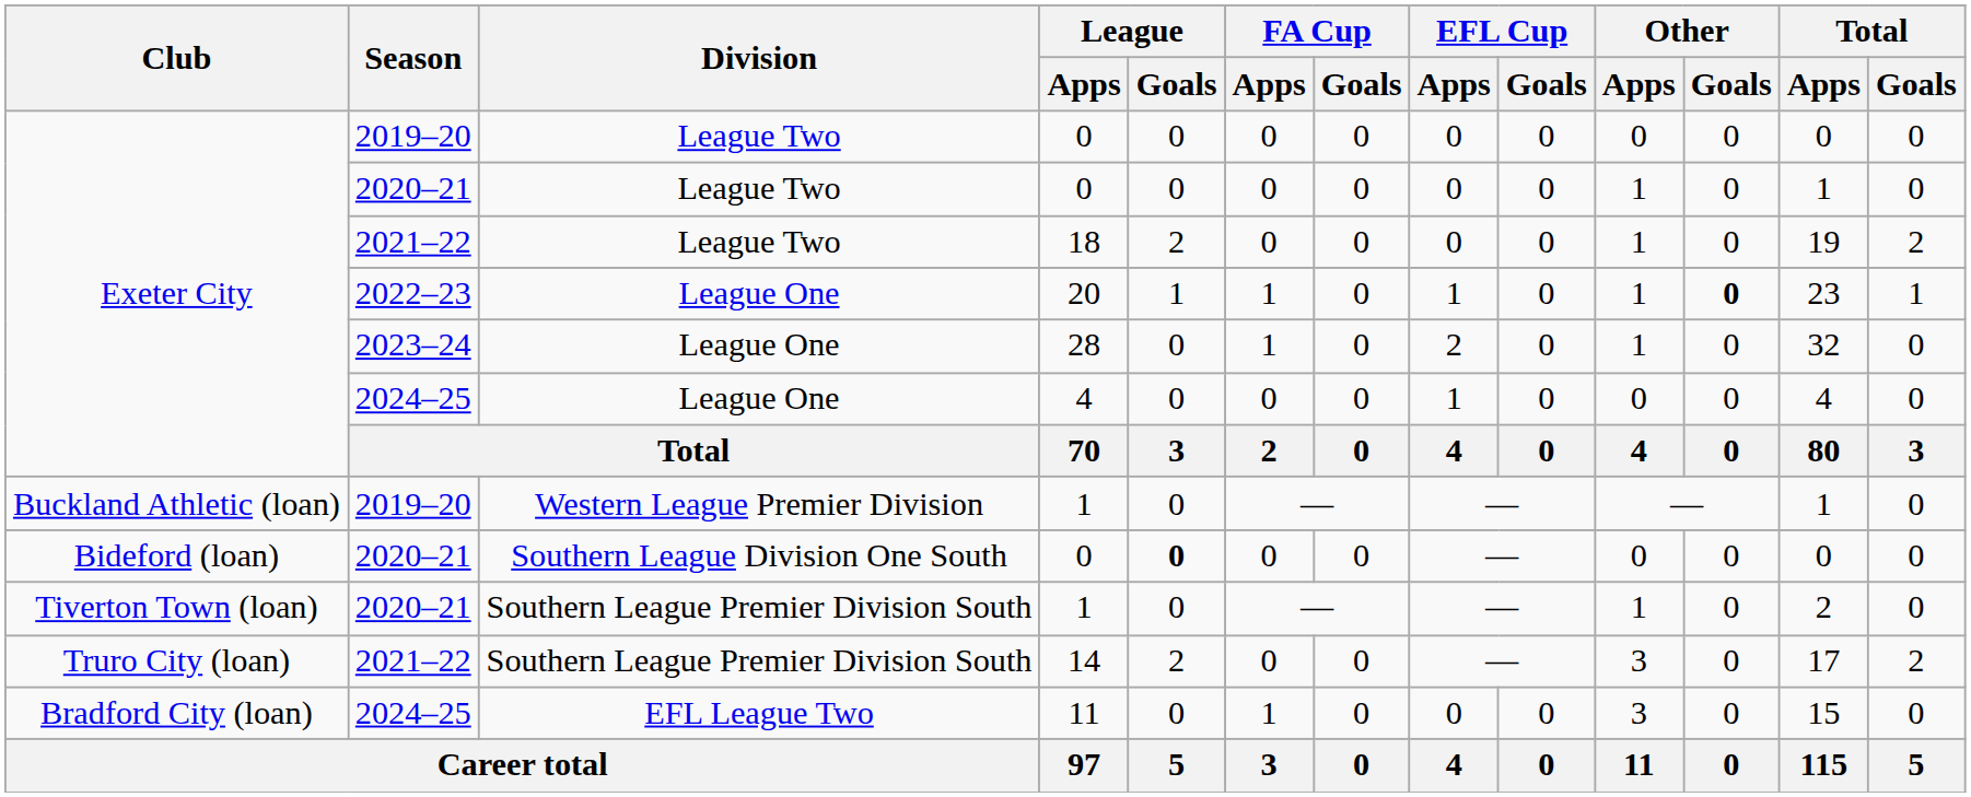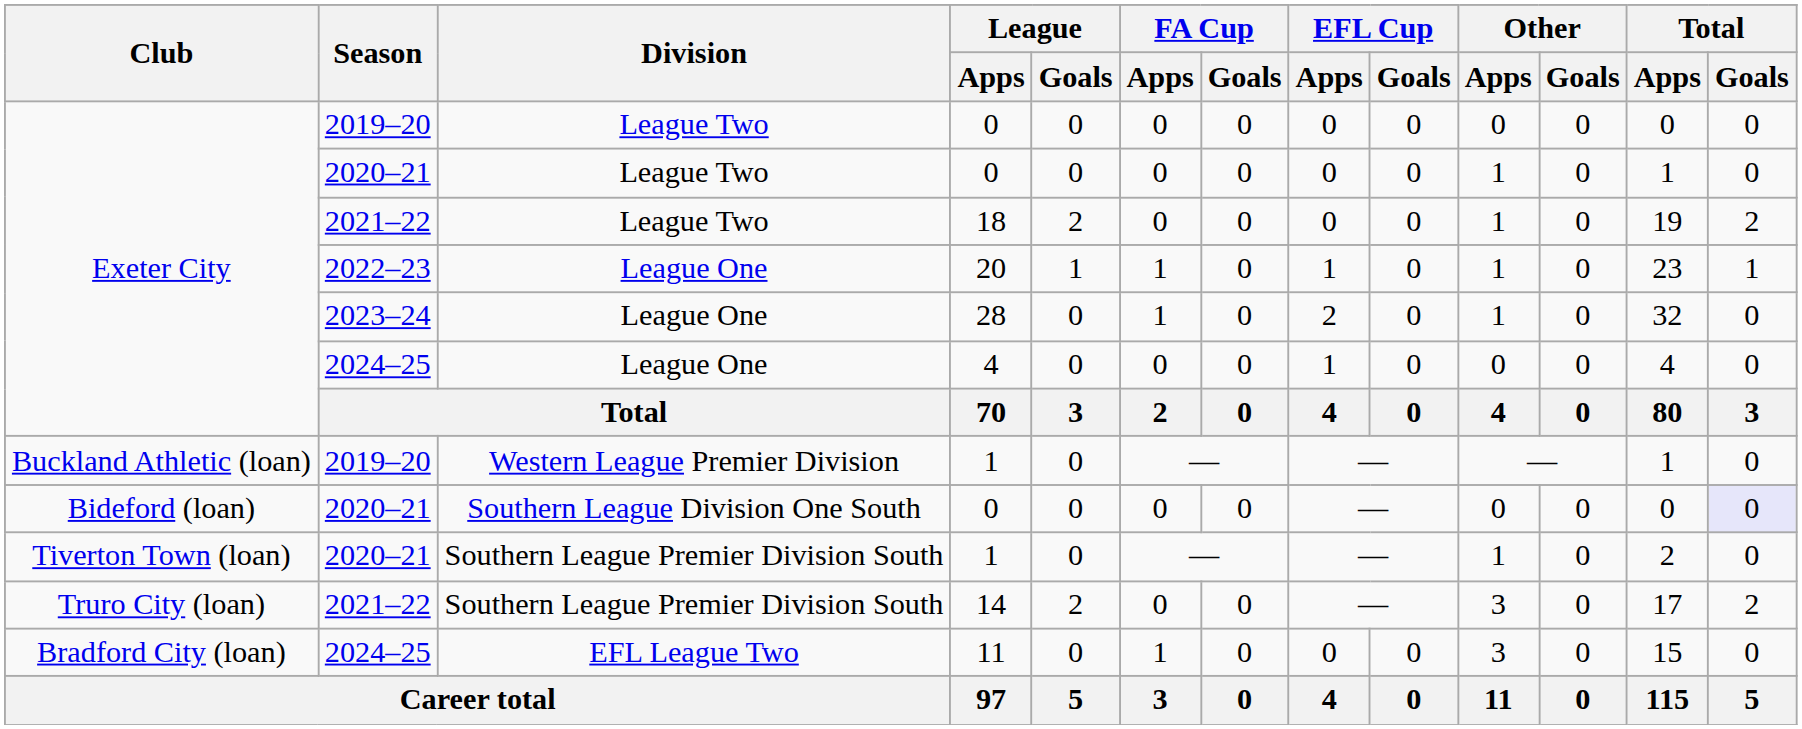 <table class="wikitable" style="text-align:center">
 <tr>
 <th rowspan="2">Club</th>
 <th rowspan="2">Season</th>
 <th rowspan="2">Division</th>
 <th colspan="2">League</th>
 <th colspan="2"><a href='#'>FA Cup</a></th>
 <th colspan="2"><a href='#'>EFL Cup</a></th>
 <th colspan="2">Other</th>
 <th colspan="2">Total</th>
 </tr>
 <tr>
 <th>Apps</th>
 <th>Goals</th>
 <th>Apps</th>
 <th>Goals</th>
 <th>Apps</th>
 <th>Goals</th>
 <th>Apps</th>
 <th>Goals</th>
 <th>Apps</th>
 <th>Goals</th>
 </tr>
 <tr>
 <td rowspan="7"><a href='#'>Exeter City</a></td>
 <td><a href='#'>2019–20</a></td>
 <td><a href='#'>League Two</a></td>
 <td>0</td>
 <td>0</td>
 <td>0</td>
 <td>0</td>
 <td>0</td>
 <td>0</td>
 <td>0</td>
 <td>0</td>
 <td>0</td>
 <td>0</td>
 </tr>
 <tr>
 <td><a href='#'>2020–21</a></td>
 <td>League Two</td>
 <td>0</td>
 <td>0</td>
 <td>0</td>
 <td>0</td>
 <td>0</td>
 <td>0</td>
 <td>1</td>
 <td>0</td>
 <td>1</td>
 <td>0</td>
 </tr>
 <tr>
 <td><a href='#'>2021–22</a></td>
 <td>League Two</td>
 <td>18</td>
 <td>2</td>
 <td>0</td>
 <td>0</td>
 <td>0</td>
 <td>0</td>
 <td>1</td>
 <td>0</td>
 <td>19</td>
 <td>2</td>
 </tr>
 <tr>
 <td><a href='#'>2022–23</a></td>
 <td><a href='#'>League One</a></td>
 <td>20</td>
 <td>1</td>
 <td>1</td>
 <td>0</td>
 <td>1</td>
 <td>0</td>
 <td>1</td>
-<td><strong>0</strong></td>
+<td>0</td>
 <td>23</td>
 <td>1</td>
 </tr>
 <tr>
 <td><a href='#'>2023–24</a></td>
 <td>League One</td>
 <td>28</td>
 <td>0</td>
 <td>1</td>
 <td>0</td>
 <td>2</td>
 <td>0</td>
 <td>1</td>
 <td>0</td>
 <td>32</td>
 <td>0</td>
 </tr>
 <tr>
 <td><a href='#'>2024–25</a></td>
 <td>League One</td>
 <td>4</td>
 <td>0</td>
 <td>0</td>
 <td>0</td>
 <td>1</td>
 <td>0</td>
 <td>0</td>
 <td>0</td>
 <td>4</td>
 <td>0</td>
 </tr>
 <tr>
 <th colspan=2>Total</th>
 <th>70</th>
 <th>3</th>
 <th>2</th>
 <th>0</th>
 <th>4</th>
 <th>0</th>
 <th>4</th>
 <th>0</th>
 <th>80</th>
 <th>3</th>
 </tr>
 <tr>
 <td rowspan="1"><a href='#'>Buckland Athletic</a> (loan)</td>
 <td><a href='#'>2019–20</a></td>
 <td><a href='#'>Western League</a> Premier Division</td>
 <td>1</td>
 <td>0</td>
 <td colspan="2">—</td>
 <td colspan="2">—</td>
 <td colspan="2">—</td>
 <td>1</td>
 <td>0</td>
 </tr>
 <tr>
 <td rowspan="1"><a href='#'>Bideford</a> (loan)</td>
 <td><a href='#'>2020–21</a></td>
 <td><a href='#'>Southern League</a> Division One South</td>
 <td>0</td>
-<td><strong>0</strong></td>
+<td>0</td>
 <td>0</td>
 <td>0</td>
 <td colspan="2">—</td>
 <td>0</td>
 <td>0</td>
 <td>0</td>
-<td>0</td>
+<td style="background: lavender;">0</td>
 </tr>
 <tr>
 <td rowspan="1"><a href='#'>Tiverton Town</a> (loan)</td>
 <td><a href='#'>2020–21</a></td>
 <td>Southern League Premier Division South</td>
 <td>1</td>
 <td>0</td>
 <td colspan="2">—</td>
 <td colspan="2">—</td>
 <td>1</td>
 <td>0</td>
 <td>2</td>
 <td>0</td>
 </tr>
 <tr>
 <td rowspan="1"><a href='#'>Truro City</a> (loan)</td>
 <td><a href='#'>2021–22</a></td>
 <td>Southern League Premier Division South</td>
 <td>14</td>
 <td>2</td>
 <td>0</td>
 <td>0</td>
 <td colspan="2">—</td>
 <td>3</td>
 <td>0</td>
 <td>17</td>
 <td>2</td>
 </tr>
 <tr>
 <td><a href='#'>Bradford City</a> (loan)</td>
 <td><a href='#'>2024–25</a></td>
 <td><a href='#'>EFL League Two</a></td>
 <td>11</td>
 <td>0</td>
 <td>1</td>
 <td>0</td>
 <td>0</td>
 <td>0</td>
 <td>3</td>
 <td>0</td>
 <td>15</td>
 <td>0</td>
 </tr>
 <tr>
 <th colspan="3">Career total</th>
 <th>97</th>
 <th>5</th>
 <th>3</th>
 <th>0</th>
 <th>4</th>
 <th>0</th>
 <th>11</th>
 <th>0</th>
 <th>115</th>
 <th>5</th>
 </tr>
 </table>
